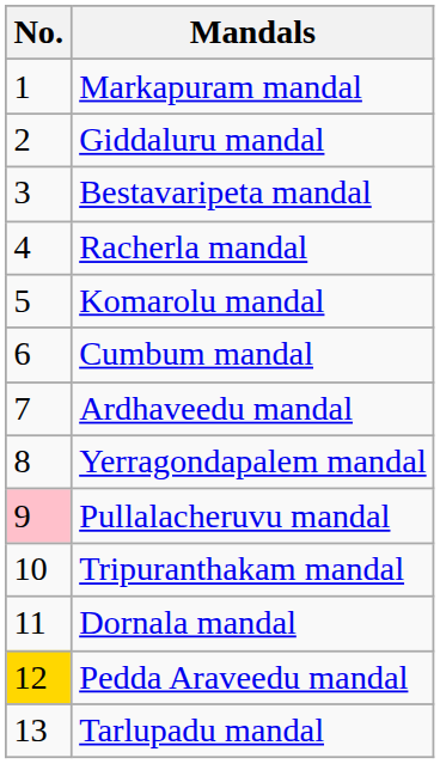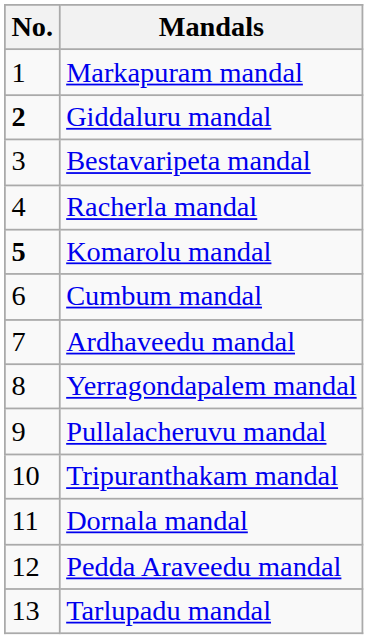 <table class="wikitable">
 <tr>
 <th>No.</th>
 <th>Mandals</th>
 </tr>
 <tr>
 <td>1</td>
 <td><a href='#'>Markapuram mandal</a></td>
 </tr>
 <tr>
-<td>2</td>
+<td><strong>2</strong></td>
 <td><a href='#'>Giddaluru mandal</a></td>
 </tr>
 <tr>
 <td>3</td>
 <td><a href='#'>Bestavaripeta mandal</a></td>
 </tr>
 <tr>
 <td>4</td>
 <td><a href='#'>Racherla mandal</a></td>
 </tr>
 <tr>
-<td>5</td>
+<td><strong>5</strong></td>
 <td><a href='#'>Komarolu mandal</a></td>
 </tr>
 <tr>
 <td>6</td>
 <td><a href='#'>Cumbum mandal</a></td>
 </tr>
 <tr>
 <td>7</td>
 <td><a href='#'>Ardhaveedu mandal</a></td>
 </tr>
 <tr>
 <td>8</td>
 <td><a href='#'>Yerragondapalem mandal</a></td>
 </tr>
 <tr>
-<td style="background: pink;">9</td>
+<td>9</td>
 <td><a href='#'>Pullalacheruvu mandal</a></td>
 </tr>
 <tr>
 <td>10</td>
 <td><a href='#'>Tripuranthakam mandal</a></td>
 </tr>
 <tr>
 <td>11</td>
 <td><a href='#'>Dornala mandal</a></td>
 </tr>
 <tr>
-<td style="background: gold;">12</td>
+<td>12</td>
 <td><a href='#'>Pedda Araveedu mandal</a></td>
 </tr>
 <tr>
 <td>13</td>
 <td><a href='#'>Tarlupadu mandal</a></td>
 </tr>
 </table>
